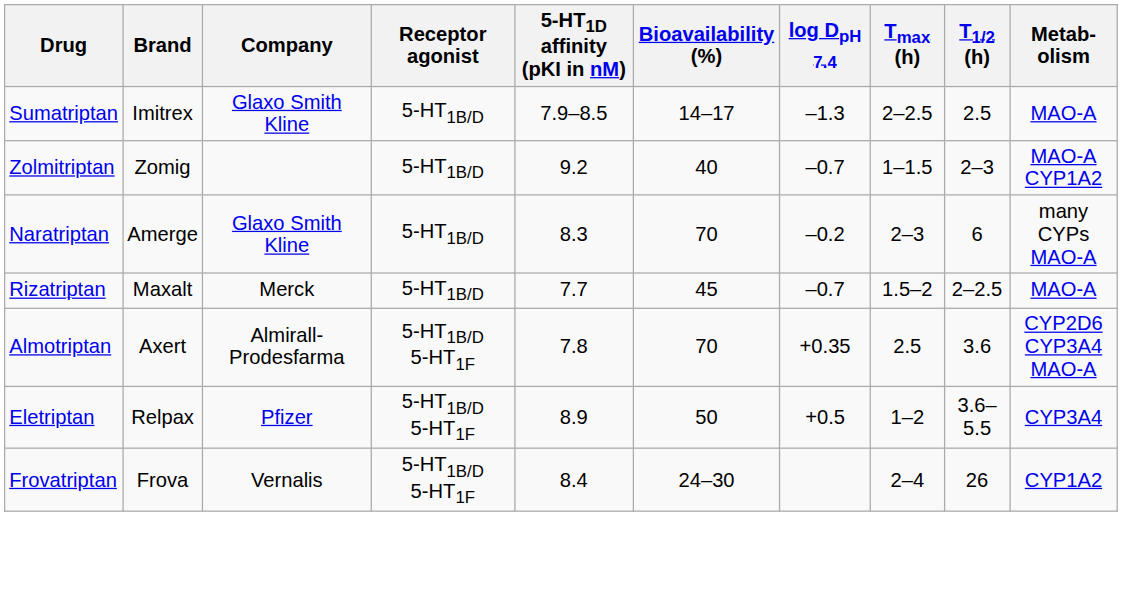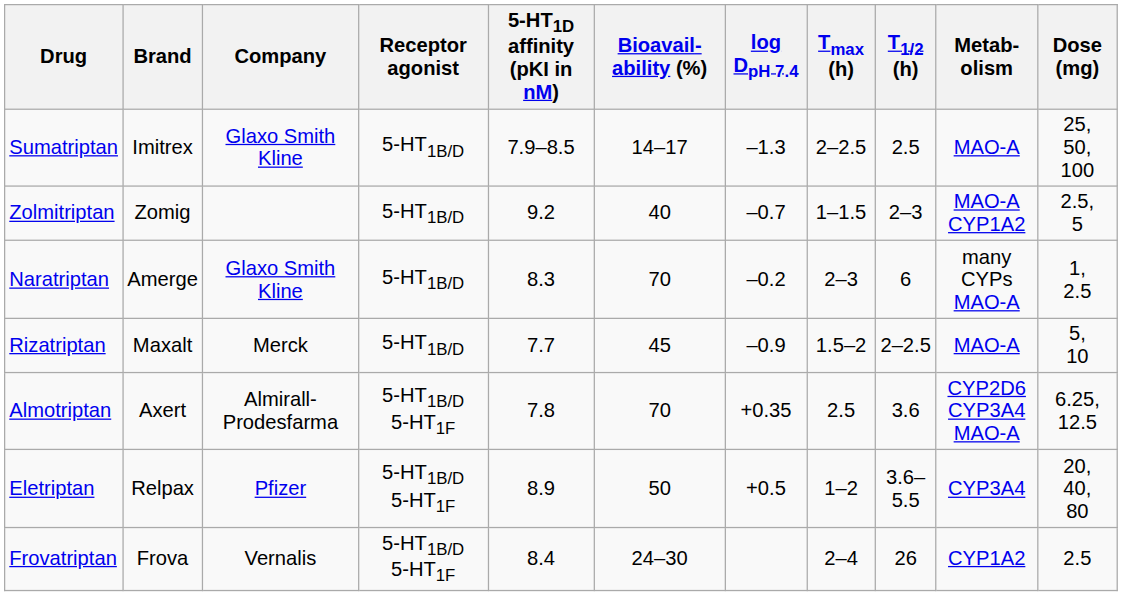 <table class="wikitable" style="margin: 1em auto 1em auto;">
 <tr>
 <th>Drug</th>
 <th>Brand</th>
 <th>Company</th>
 <th>Receptor agonist</th>
 <th>5-HT<sub>1D</sub> affinity<br>(pKI in <a href='#'>nM</a>)</th>
 <th><a href='#'>Bioavail­ability</a> (%)</th>
 <th><a href='#'>log D<sub>pH 7.4</sub></a></th>
 <th><a href='#'>T<sub>max</sub></a> (h)</th>
 <th><a href='#'>T<sub>1/2</sub></a> (h)</th>
 <th>Metab­olism</th>
+<th>Dose (mg)</th>
 </tr>
 <tr>
 <td><a href='#'>Sumatriptan</a></td>
 <td align="center">Imitrex</td>
 <td align="center"><a href='#'>Glaxo Smith Kline</a></td>
 <td align="center">5-HT<sub>1B/D</sub></td>
 <td align="center">7.9–8.5</td>
 <td align="center">14–17</td>
 <td align="center">–1.3</td>
 <td align="center">2–2.5</td>
 <td align="center">2.5</td>
 <td align="center"><a href='#'>MAO-A</a></td>
+<td align="center">25, <br> 50, <br> 100</td>
 </tr>
 <tr>
 <td><a href='#'>Zolmitriptan</a></td>
 <td align="center">Zomig</td>
 <td align="center"></td>
 <td align="center">5-HT<sub>1B/D</sub></td>
 <td align="center">9.2</td>
 <td align="center">40</td>
 <td align="center">–0.7</td>
 <td align="center">1–1.5</td>
 <td align="center">2–3</td>
 <td align="center"><a href='#'>MAO-A</a> <br> <a href='#'>CYP1A2</a></td>
+<td align="center">2.5, <br> 5</td>
 </tr>
 <tr>
 <td><a href='#'>Naratriptan</a></td>
 <td align="center">Amerge</td>
 <td align="center"><a href='#'>Glaxo Smith Kline</a></td>
 <td align="center">5-HT<sub>1B/D</sub></td>
 <td align="center">8.3</td>
 <td align="center">70</td>
 <td align="center">–0.2</td>
 <td align="center">2–3</td>
 <td align="center">6</td>
 <td align="center">many CYPs <br> <a href='#'>MAO-A</a></td>
+<td align="center">1, <br> 2.5</td>
 </tr>
 <tr>
 <td><a href='#'>Rizatriptan</a></td>
 <td align="center">Maxalt</td>
 <td align="center">Merck</td>
 <td align="center">5-HT<sub>1B/D</sub></td>
 <td align="center">7.7</td>
 <td align="center">45</td>
-<td align="center">–0.7</td>
+<td align="center">–0.9</td>
 <td align="center">1.5–2</td>
 <td align="center">2–2.5</td>
 <td align="center"><a href='#'>MAO-A</a></td>
+<td align="center">5, <br> 10</td>
 </tr>
 <tr>
 <td><a href='#'>Almotriptan</a></td>
 <td align="center">Axert</td>
 <td align="center">Almirall-Prodesfarma</td>
 <td align="center">5-HT<sub>1B/D</sub> <br> 5-HT<sub>1F</sub></td>
 <td align="center">7.8</td>
 <td align="center">70</td>
 <td align="center">+0.35</td>
 <td align="center">2.5</td>
 <td align="center">3.6</td>
 <td align="center"><a href='#'>CYP2D6</a> <br> <a href='#'>CYP3A4</a> <br> <a href='#'>MAO-A</a></td>
+<td align="center">6.25, <br> 12.5</td>
 </tr>
 <tr>
 <td><a href='#'>Eletriptan</a></td>
 <td align="center">Relpax</td>
 <td align="center"><a href='#'>Pfizer</a></td>
 <td align="center">5-HT<sub>1B/D</sub> <br> 5-HT<sub>1F</sub></td>
 <td align="center">8.9</td>
 <td align="center">50</td>
 <td align="center">+0.5</td>
 <td align="center">1–2</td>
 <td align="center">3.6–5.5</td>
 <td align="center"><a href='#'>CYP3A4</a></td>
+<td align="center">20, <br> 40, <br> 80</td>
 </tr>
 <tr>
 <td><a href='#'>Frovatriptan</a></td>
 <td align="center">Frova</td>
 <td align="center">Vernalis</td>
 <td align="center">5-HT<sub>1B/D</sub> <br> 5-HT<sub>1F</sub></td>
 <td align="center">8.4</td>
 <td align="center">24–30</td>
 <td align="center"></td>
 <td align="center">2–4</td>
 <td align="center">26</td>
 <td align="center"><a href='#'>CYP1A2</a></td>
+<td align="center">2.5</td>
 </tr>
 </table>
